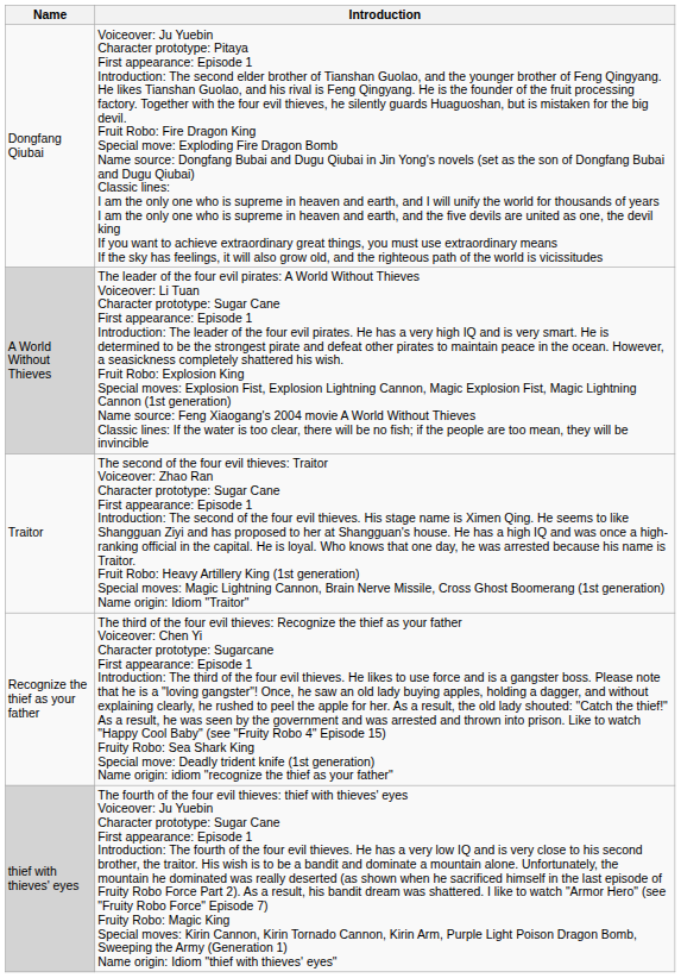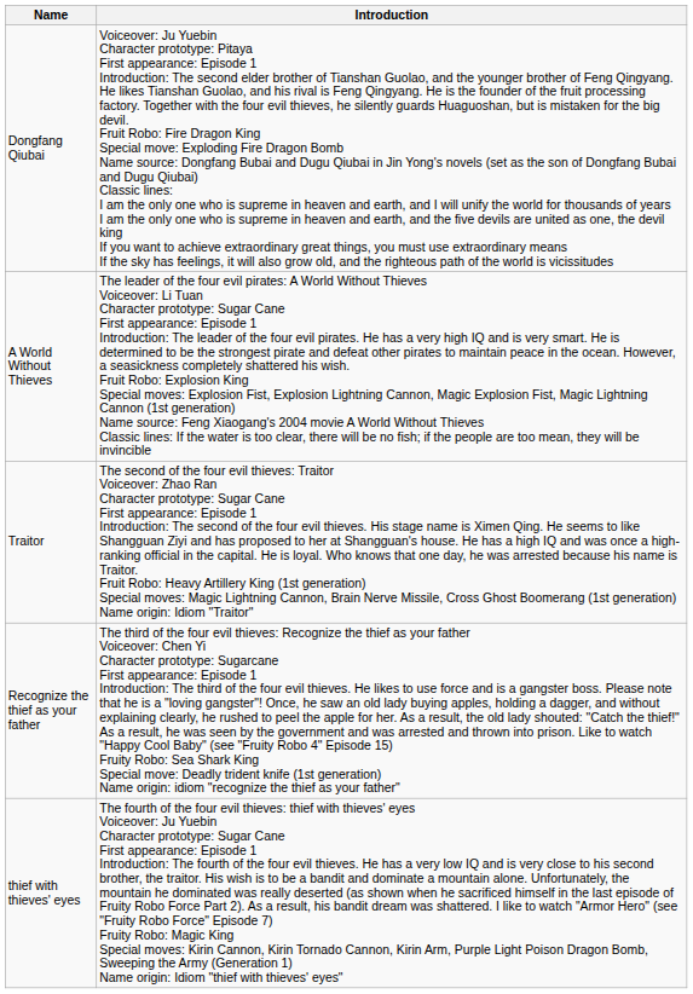 <table class="wikitable">
 <tr>
 <th>Name</th>
 <th>Introduction</th>
 </tr>
 <tr>
 <td>Dongfang Qiubai</td>
 <td>Voiceover: Ju Yuebin<br>Character prototype: Pitaya<br>First appearance: Episode 1<br>Introduction: The second elder brother of Tianshan Guolao, and the younger brother of Feng Qingyang. He likes Tianshan Guolao, and his rival is Feng Qingyang. He is the founder of the fruit processing factory. Together with the four evil thieves, he silently guards Huaguoshan, but is mistaken for the big devil.<br>Fruit Robo: Fire Dragon King<br>Special move: Exploding Fire Dragon Bomb<br>Name source: Dongfang Bubai and Dugu Qiubai in Jin Yong's novels (set as the son of Dongfang Bubai and Dugu Qiubai)<br>Classic lines:<br>I am the only one who is supreme in heaven and earth, and I will unify the world for thousands of years<br>I am the only one who is supreme in heaven and earth, and the five devils are united as one, the devil king<br>If you want to achieve extraordinary great things, you must use extraordinary means<br>If the sky has feelings, it will also grow old, and the righteous path of the world is vicissitudes</td>
 </tr>
 <tr>
-<td style="background: lightgrey;">A World Without Thieves</td>
+<td>A World Without Thieves</td>
 <td>The leader of the four evil pirates: A World Without Thieves<br>Voiceover: Li Tuan<br>Character prototype: Sugar Cane<br>First appearance: Episode 1<br>Introduction: The leader of the four evil pirates. He has a very high IQ and is very smart. He is determined to be the strongest pirate and defeat other pirates to maintain peace in the ocean. However, a seasickness completely shattered his wish.<br>Fruit Robo: Explosion King<br>Special moves: Explosion Fist, Explosion Lightning Cannon, Magic Explosion Fist, Magic Lightning Cannon (1st generation)<br>Name source: Feng Xiaogang's 2004 movie A World Without Thieves<br>Classic lines: If the water is too clear, there will be no fish; if the people are too mean, they will be invincible</td>
 </tr>
 <tr>
 <td>Traitor</td>
 <td>The second of the four evil thieves: Traitor<br>Voiceover: Zhao Ran<br>Character prototype: Sugar Cane<br>First appearance: Episode 1<br>Introduction: The second of the four evil thieves. His stage name is Ximen Qing. He seems to like Shangguan Ziyi and has proposed to her at Shangguan's house. He has a high IQ and was once a high-ranking official in the capital. He is loyal. Who knows that one day, he was arrested because his name is Traitor.<br>Fruit Robo: Heavy Artillery King (1st generation)<br>Special moves: Magic Lightning Cannon, Brain Nerve Missile, Cross Ghost Boomerang (1st generation)<br>Name origin: Idiom "Traitor"</td>
 </tr>
 <tr>
 <td>Recognize the thief as your father</td>
 <td>The third of the four evil thieves: Recognize the thief as your father<br>Voiceover: Chen Yi<br>Character prototype: Sugarcane<br>First appearance: Episode 1<br>Introduction: The third of the four evil thieves. He likes to use force and is a gangster boss. Please note that he is a "loving gangster"! Once, he saw an old lady buying apples, holding a dagger, and without explaining clearly, he rushed to peel the apple for her. As a result, the old lady shouted: "Catch the thief!" As a result, he was seen by the government and was arrested and thrown into prison. Like to watch "Happy Cool Baby" (see "Fruity Robo 4" Episode 15)<br>Fruity Robo: Sea Shark King<br>Special move: Deadly trident knife (1st generation)<br>Name origin: idiom "recognize the thief as your father"</td>
 </tr>
 <tr>
-<td style="background: lightgrey;">thief with thieves' eyes</td>
+<td>thief with thieves' eyes</td>
 <td>The fourth of the four evil thieves: thief with thieves' eyes<br>Voiceover: Ju Yuebin<br>Character prototype: Sugar Cane<br>First appearance: Episode 1<br>Introduction: The fourth of the four evil thieves. He has a very low IQ and is very close to his second brother, the traitor. His wish is to be a bandit and dominate a mountain alone. Unfortunately, the mountain he dominated was really deserted (as shown when he sacrificed himself in the last episode of Fruity Robo Force Part 2). As a result, his bandit dream was shattered. I like to watch "Armor Hero" (see "Fruity Robo Force" Episode 7)<br>Fruity Robo: Magic King<br>Special moves: Kirin Cannon, Kirin Tornado Cannon, Kirin Arm, Purple Light Poison Dragon Bomb, Sweeping the Army (Generation 1)<br>Name origin: Idiom "thief with thieves' eyes"</td>
 </tr>
 </table>
